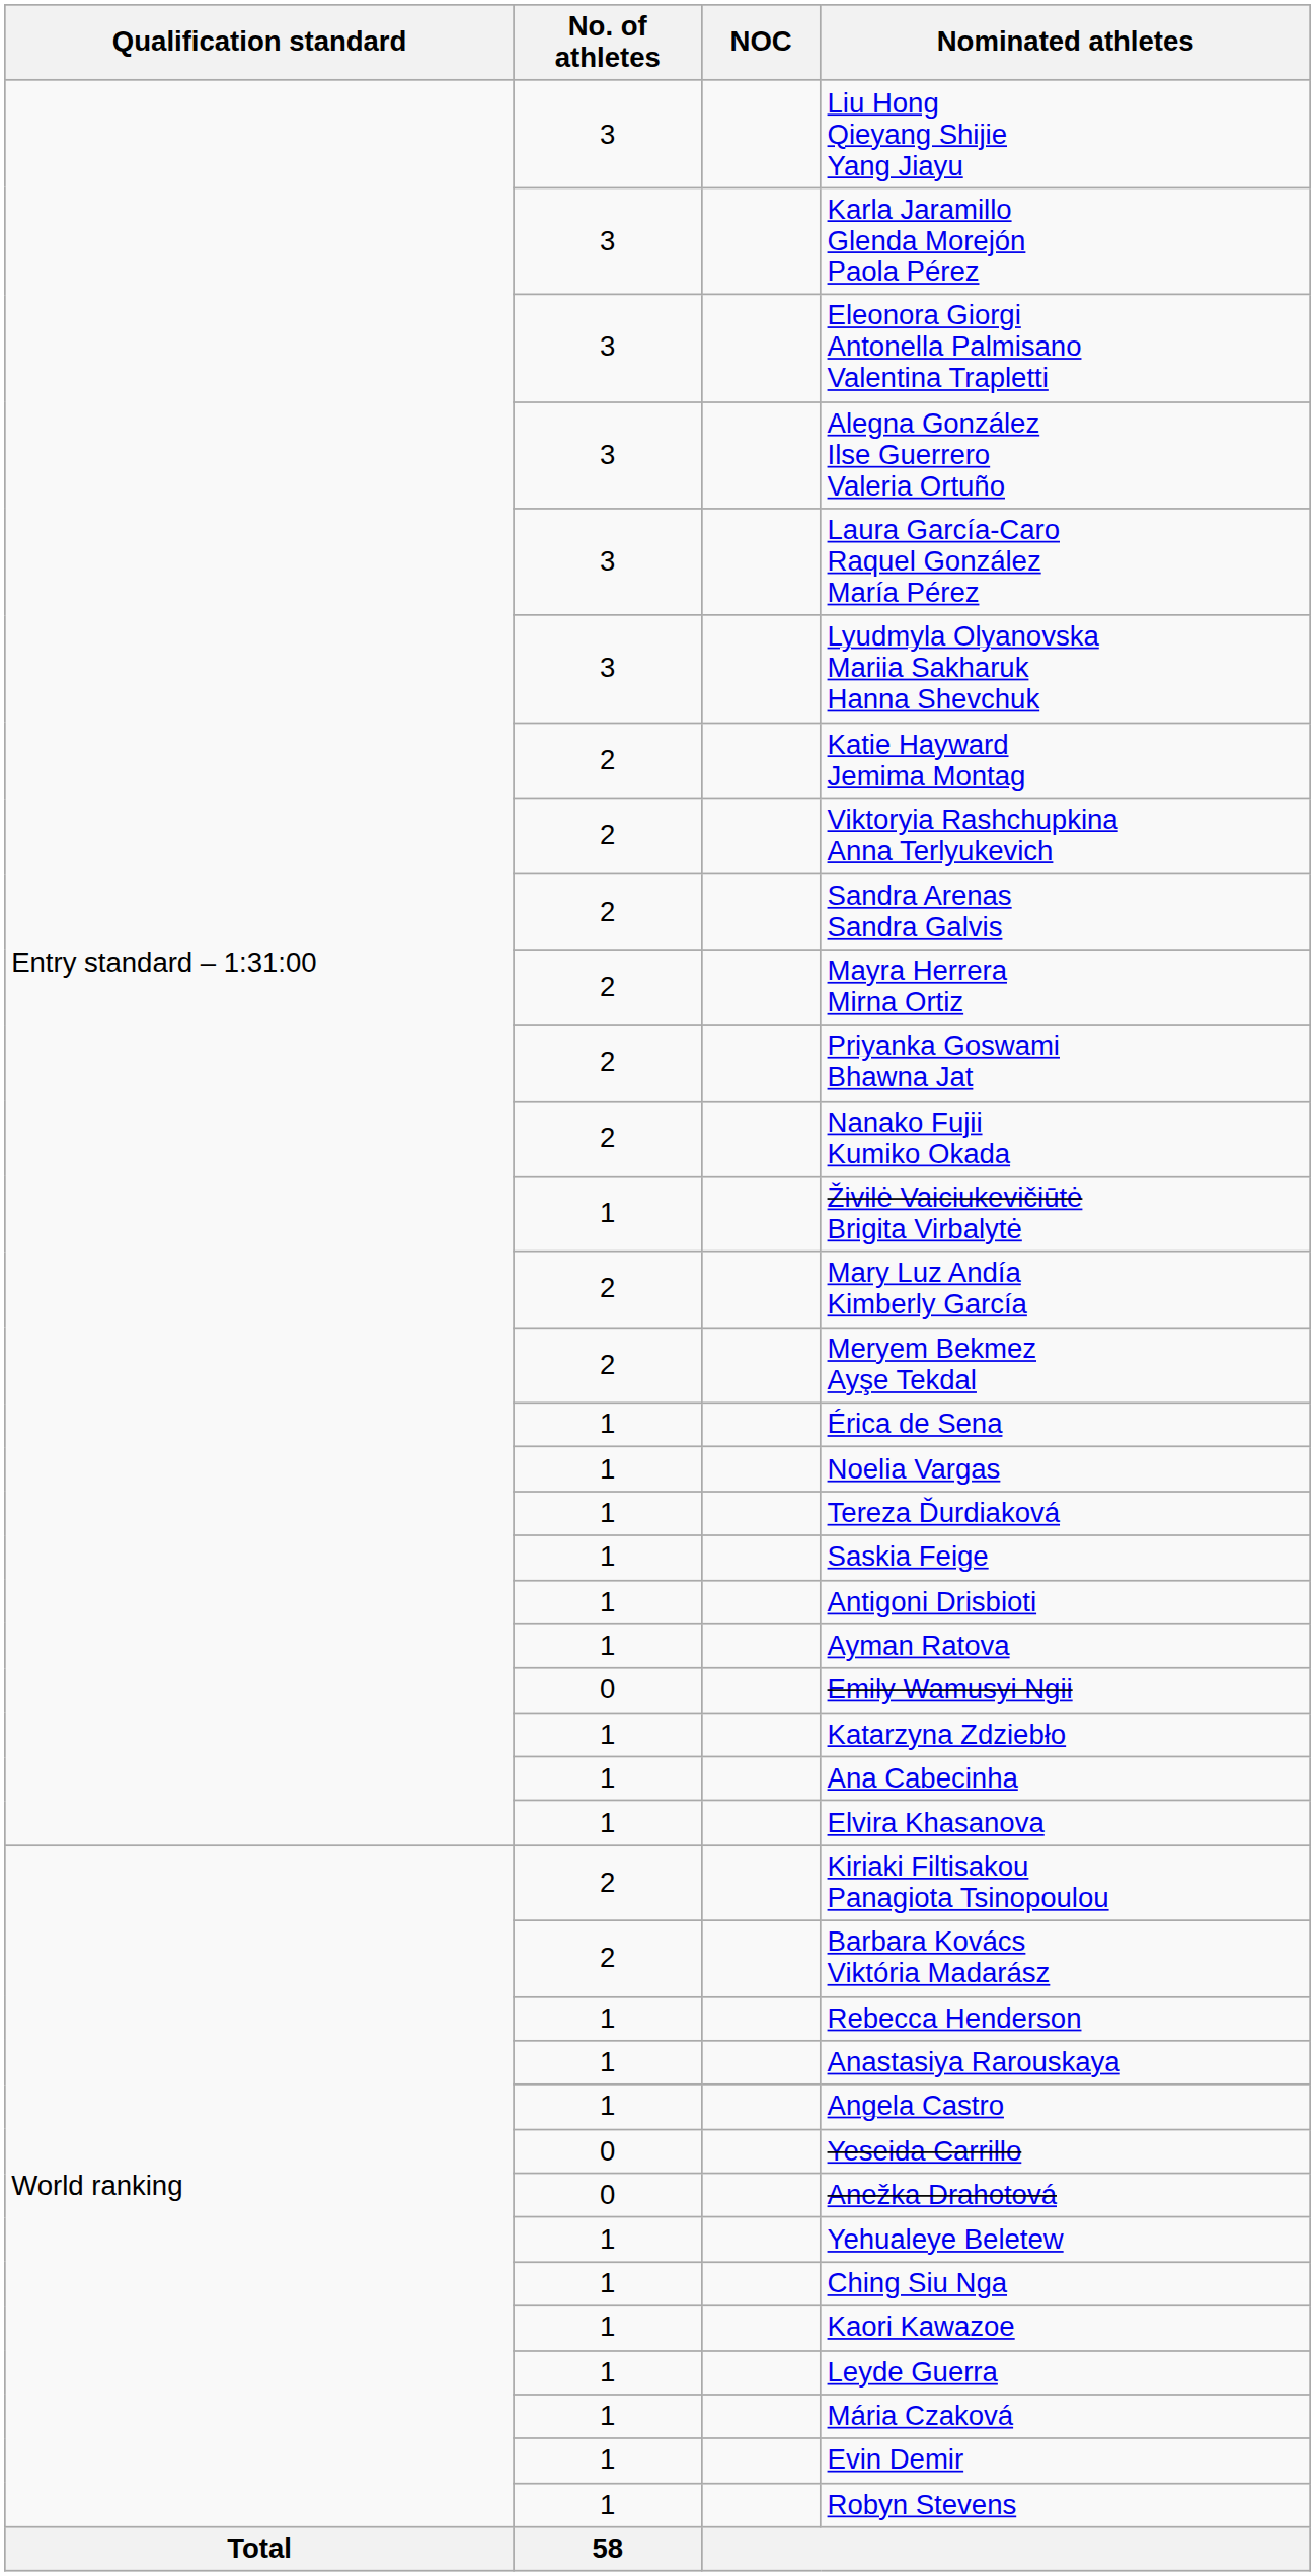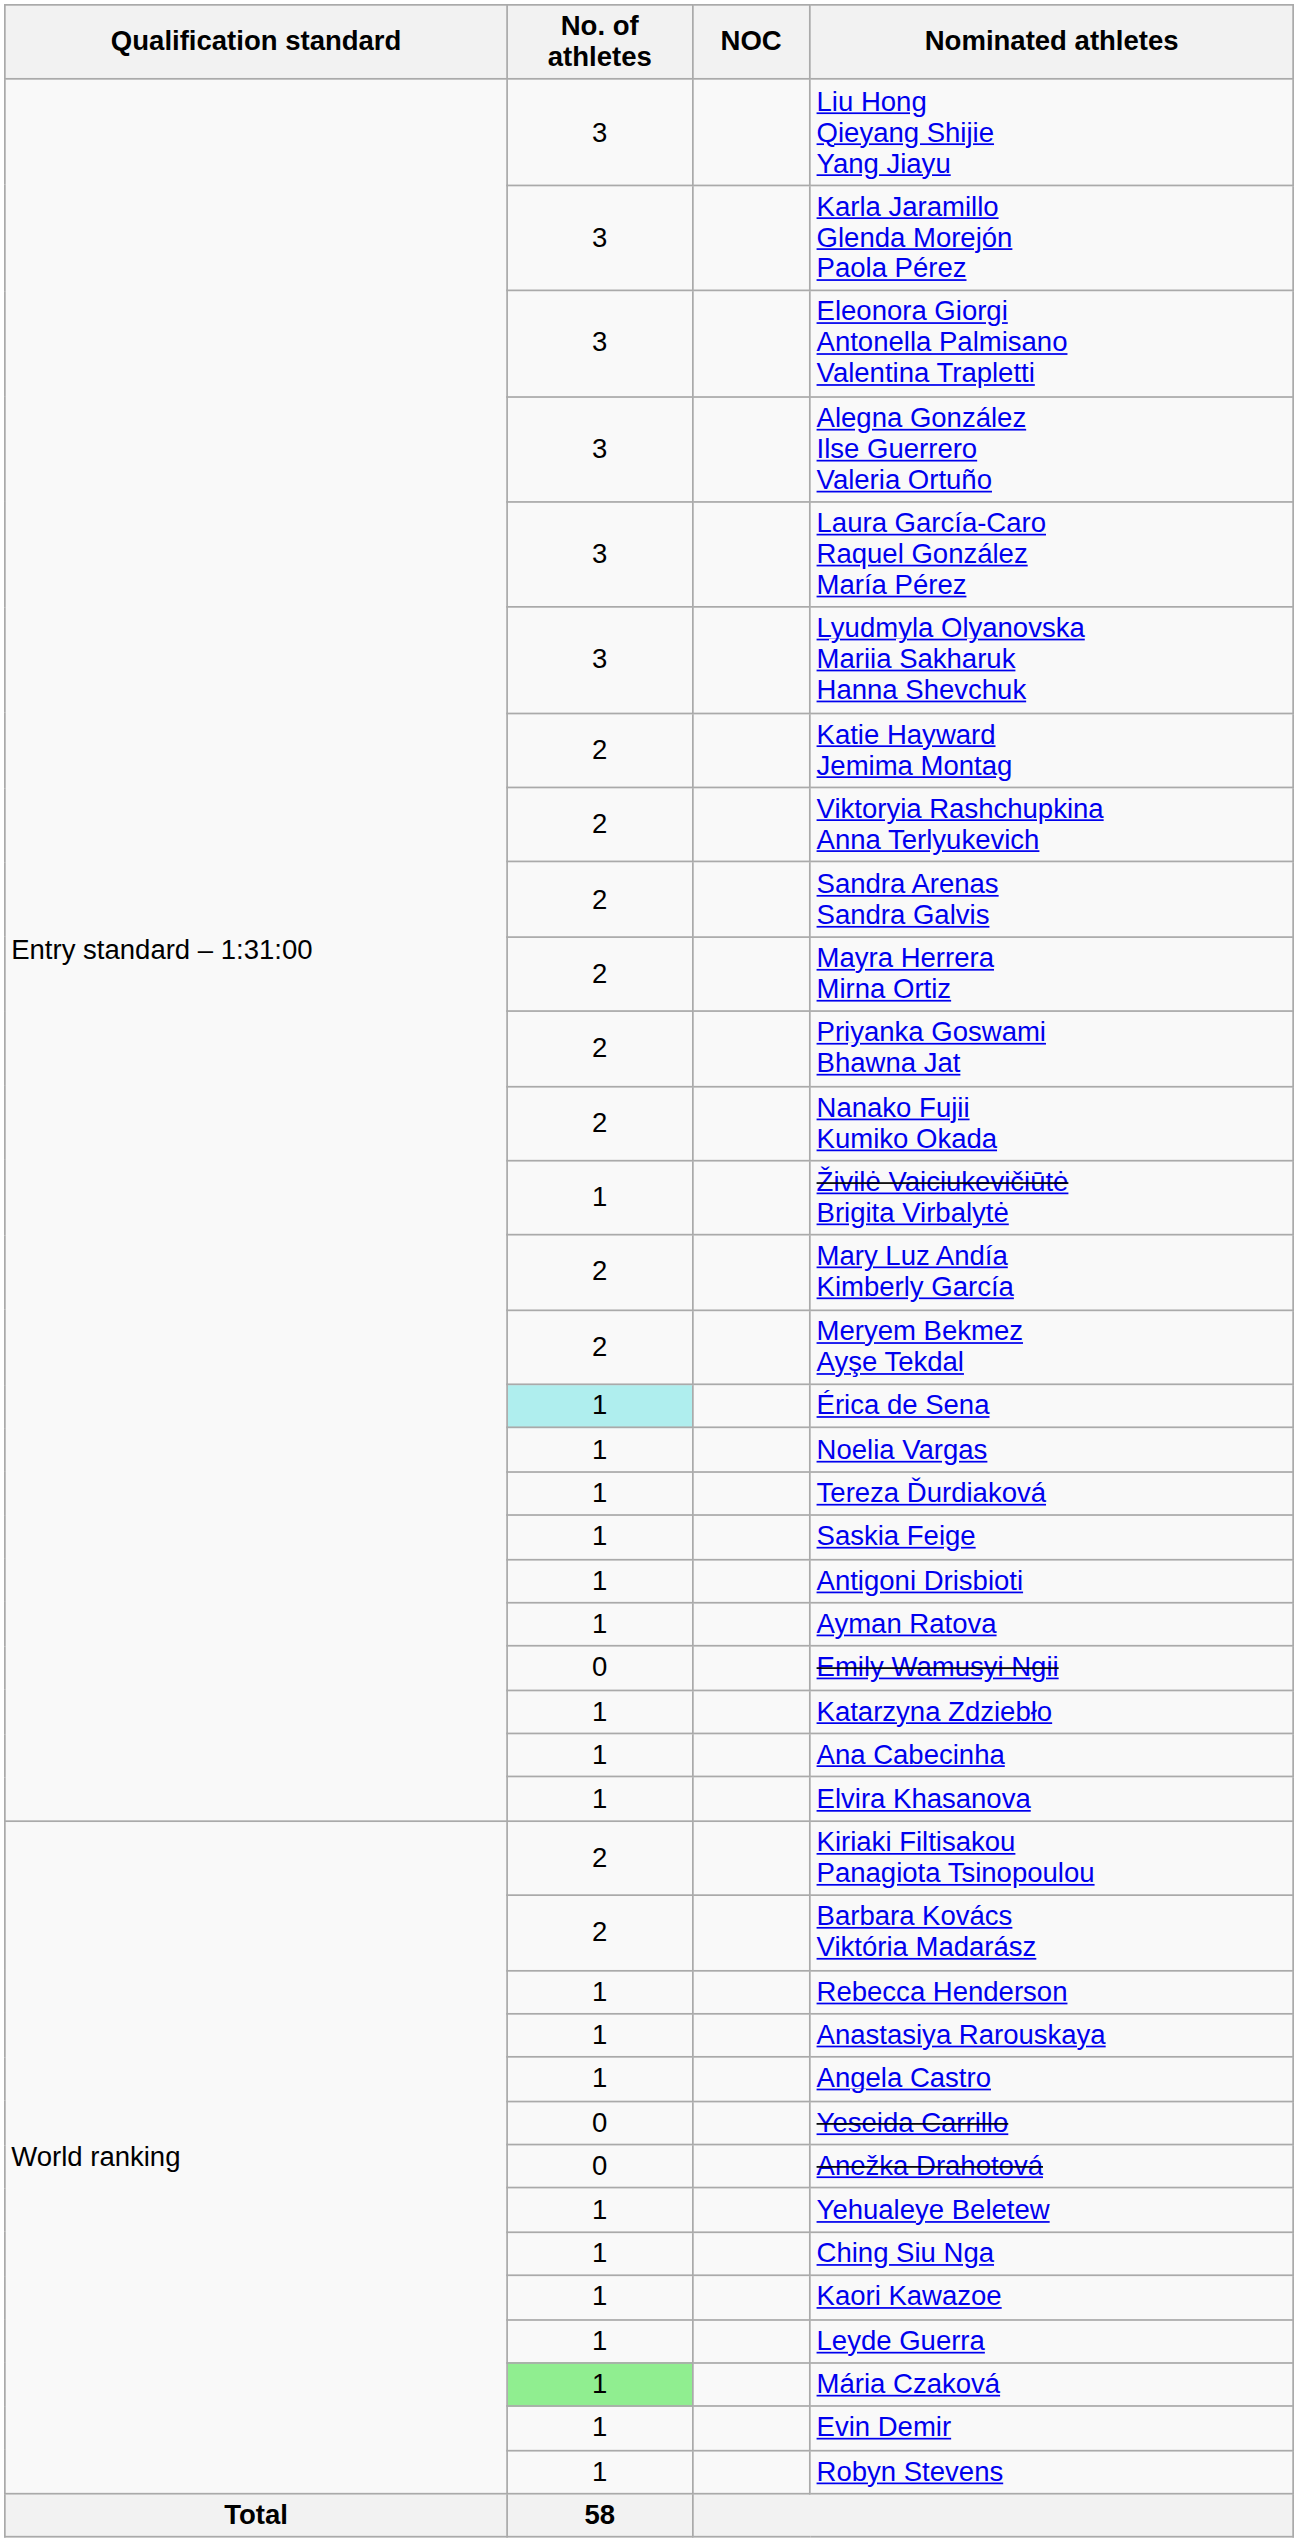 <table class="wikitable" style="text-align:left; width:750px;">
 <tr>
 <th>Qualification standard</th>
 <th width=100>No. of athletes</th>
 <th>NOC</th>
 <th>Nominated athletes</th>
 </tr>
 <tr>
 <td rowspan=25>Entry standard – 1:31:00</td>
 <td align=center>3</td>
 <td></td>
 <td><a href='#'>Liu Hong</a><br><a href='#'>Qieyang Shijie</a><br><a href='#'>Yang Jiayu</a></td>
 </tr>
 <tr>
 <td align=center>3</td>
 <td></td>
 <td><a href='#'>Karla Jaramillo</a><br><a href='#'>Glenda Morejón</a><br><a href='#'>Paola Pérez</a></td>
 </tr>
 <tr>
 <td align=center>3</td>
 <td></td>
 <td><a href='#'>Eleonora Giorgi</a><br><a href='#'>Antonella Palmisano</a><br><a href='#'>Valentina Trapletti</a></td>
 </tr>
 <tr>
 <td align=center>3</td>
 <td></td>
 <td><a href='#'>Alegna González</a><br><a href='#'>Ilse Guerrero</a><br><a href='#'>Valeria Ortuño</a></td>
 </tr>
 <tr>
 <td align=center>3</td>
 <td></td>
 <td><a href='#'>Laura García-Caro</a><br><a href='#'>Raquel González</a><br><a href='#'>María Pérez</a></td>
 </tr>
 <tr>
 <td align=center>3</td>
 <td></td>
 <td><a href='#'>Lyudmyla Olyanovska</a><br><a href='#'>Mariia Sakharuk</a><br><a href='#'>Hanna Shevchuk</a></td>
 </tr>
 <tr>
 <td align=center>2</td>
 <td></td>
 <td><a href='#'>Katie Hayward</a><br><a href='#'>Jemima Montag</a></td>
 </tr>
 <tr>
 <td align=center>2</td>
 <td></td>
 <td><a href='#'>Viktoryia Rashchupkina</a><br><a href='#'>Anna Terlyukevich</a></td>
 </tr>
 <tr>
 <td align=center>2</td>
 <td></td>
 <td><a href='#'>Sandra Arenas</a><br><a href='#'>Sandra Galvis</a></td>
 </tr>
 <tr>
 <td align=center>2</td>
 <td></td>
 <td><a href='#'>Mayra Herrera</a><br><a href='#'>Mirna Ortiz</a></td>
 </tr>
 <tr>
 <td align=center>2</td>
 <td></td>
 <td><a href='#'>Priyanka Goswami</a><br><a href='#'>Bhawna Jat</a></td>
 </tr>
 <tr>
 <td align=center>2</td>
 <td></td>
 <td><a href='#'>Nanako Fujii</a><br><a href='#'>Kumiko Okada</a></td>
 </tr>
 <tr>
 <td align=center>1</td>
 <td></td>
 <td><s><a href='#'>Živilė Vaiciukevičiūtė</a></s> <br><a href='#'>Brigita Virbalytė</a></td>
 </tr>
 <tr>
 <td align=center>2</td>
 <td></td>
 <td><a href='#'>Mary Luz Andía</a><br><a href='#'>Kimberly García</a></td>
 </tr>
 <tr>
 <td align=center>2</td>
 <td></td>
 <td><a href='#'>Meryem Bekmez</a><br><a href='#'>Ayşe Tekdal</a></td>
 </tr>
 <tr>
-<td align=center>1</td>
+<td align=center style="background: paleturquoise;">1</td>
 <td></td>
 <td><a href='#'>Érica de Sena</a></td>
 </tr>
 <tr>
 <td align=center>1</td>
 <td></td>
 <td><a href='#'>Noelia Vargas</a></td>
 </tr>
 <tr>
 <td align=center>1</td>
 <td></td>
 <td><a href='#'>Tereza Ďurdiaková</a></td>
 </tr>
 <tr>
 <td align=center>1</td>
 <td></td>
 <td><a href='#'>Saskia Feige</a></td>
 </tr>
 <tr>
 <td align=center>1</td>
 <td></td>
 <td><a href='#'>Antigoni Drisbioti</a></td>
 </tr>
 <tr>
 <td align=center>1</td>
 <td></td>
 <td><a href='#'>Ayman Ratova</a></td>
 </tr>
 <tr>
 <td align=center>0</td>
 <td></td>
 <td><s><a href='#'>Emily Wamusyi Ngii</a></s></td>
 </tr>
 <tr>
 <td align=center>1</td>
 <td></td>
 <td><a href='#'>Katarzyna Zdziebło</a></td>
 </tr>
 <tr>
 <td align=center>1</td>
 <td></td>
 <td><a href='#'>Ana Cabecinha</a></td>
 </tr>
 <tr>
 <td align=center>1</td>
 <td></td>
 <td><a href='#'>Elvira Khasanova</a></td>
 </tr>
 <tr>
 <td rowspan=14>World ranking</td>
 <td align=center>2</td>
 <td></td>
 <td><a href='#'>Kiriaki Filtisakou</a><br><a href='#'>Panagiota Tsinopoulou</a></td>
 </tr>
 <tr>
 <td align=center>2</td>
 <td></td>
 <td><a href='#'>Barbara Kovács</a><br><a href='#'>Viktória Madarász</a></td>
 </tr>
 <tr>
 <td align=center>1</td>
 <td></td>
 <td><a href='#'>Rebecca Henderson</a></td>
 </tr>
 <tr>
 <td align=center>1</td>
 <td></td>
 <td><a href='#'>Anastasiya Rarouskaya</a></td>
 </tr>
 <tr>
 <td align=center>1</td>
 <td></td>
 <td><a href='#'>Angela Castro</a></td>
 </tr>
 <tr>
 <td align=center>0</td>
 <td></td>
 <td><s><a href='#'>Yeseida Carrillo</a></s></td>
 </tr>
 <tr>
 <td align=center>0</td>
 <td></td>
 <td><s><a href='#'>Anežka Drahotová</a></s></td>
 </tr>
 <tr>
 <td align=center>1</td>
 <td></td>
 <td><a href='#'>Yehualeye Beletew</a></td>
 </tr>
 <tr>
 <td align=center>1</td>
 <td></td>
 <td><a href='#'>Ching Siu Nga</a></td>
 </tr>
 <tr>
 <td align=center>1</td>
 <td></td>
 <td><a href='#'>Kaori Kawazoe</a></td>
 </tr>
 <tr>
 <td align=center>1</td>
 <td></td>
 <td><a href='#'>Leyde Guerra</a></td>
 </tr>
 <tr>
-<td align=center>1</td>
+<td align=center style="background: lightgreen;">1</td>
 <td></td>
 <td><a href='#'>Mária Czaková</a></td>
 </tr>
 <tr>
 <td align=center>1</td>
 <td></td>
 <td><a href='#'>Evin Demir</a></td>
 </tr>
 <tr>
 <td align=center>1</td>
 <td></td>
 <td><a href='#'>Robyn Stevens</a></td>
 </tr>
 <tr>
 <th>Total</th>
 <th>58</th>
 <th colspan=2></th>
 </tr>
 </table>
